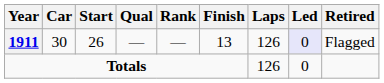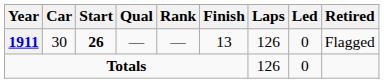 <table class="wikitable" style="text-align:center">
 <tr>
 <th>Year</th>
 <th>Car</th>
 <th>Start</th>
 <th>Qual</th>
 <th>Rank</th>
 <th>Finish</th>
 <th>Laps</th>
 <th>Led</th>
 <th>Retired</th>
 </tr>
 <tr>
 <th><a href='#'>1911</a></th>
 <td>30</td>
-<td>26</td>
+<td><strong>26</strong></td>
 <td>—</td>
 <td>—</td>
 <td>13</td>
 <td>126</td>
-<td style="background: lavender;">0</td>
+<td>0</td>
 <td>Flagged</td>
 </tr>
 <tr>
 <td colspan=6><strong>Totals</strong></td>
 <td>126</td>
 <td>0</td>
 <td></td>
 </tr>
 </table>
